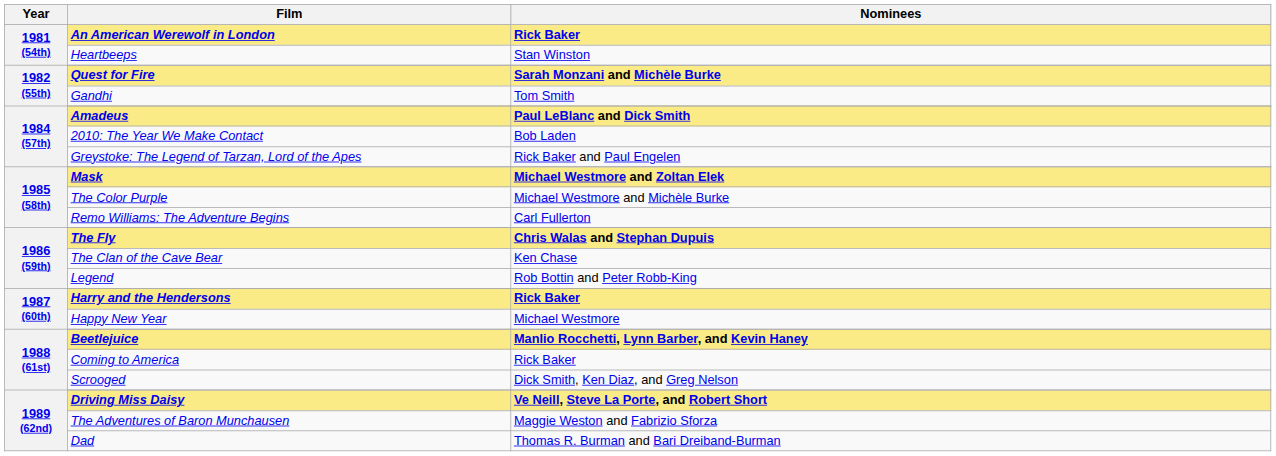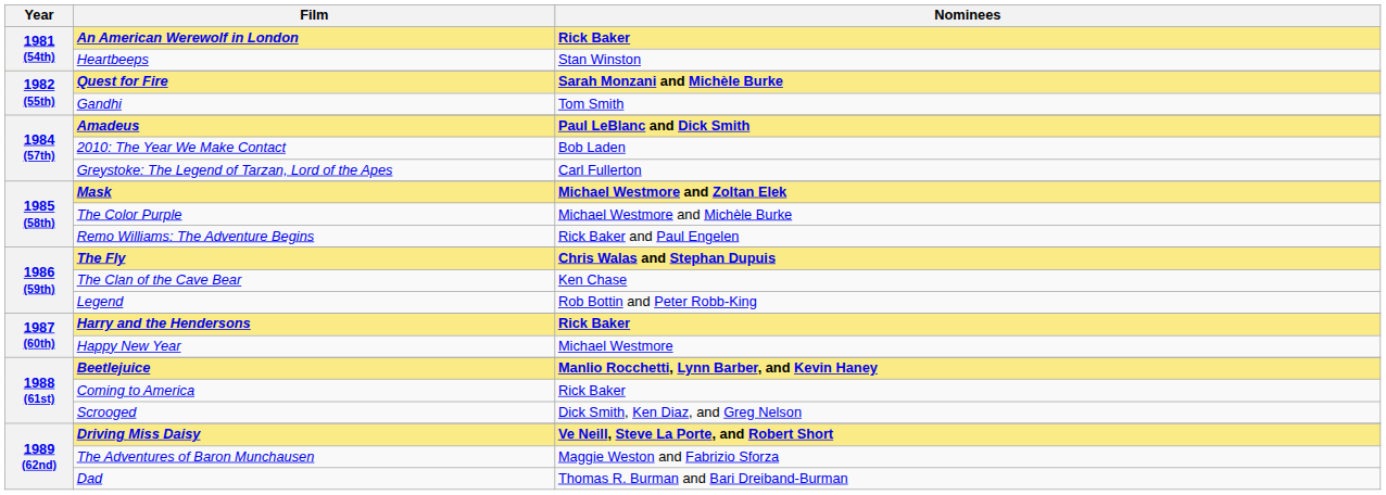 <table class="wikitable" style="width:100%">
 <tr bgcolor="#bebebe">
 <th width="5%">Year</th>
 <th width="35%">Film</th>
 <th width="60%">Nominees</th>
 </tr>
 <tr style="background:#FAEB86">
 <th rowspan="2"><a href='#'>1981</a><br><small><a href='#'>(54th)</a></small></th>
 <td><strong><em><a href='#'>An American Werewolf in London</a></em></strong></td>
 <td><strong><a href='#'>Rick Baker</a></strong></td>
 </tr>
 <tr>
 <td><em><a href='#'>Heartbeeps</a></em></td>
 <td><a href='#'>Stan Winston</a></td>
 </tr>
 <tr>
 <th rowspan="3" style="text-align:center"><a href='#'>1982</a><br><small><a href='#'>(55th)</a></small></th>
 </tr>
 <tr style="background:#FAEB86">
 <td><strong><em><a href='#'>Quest for Fire</a></em></strong></td>
 <td><strong><a href='#'>Sarah Monzani</a> and <a href='#'>Michèle Burke</a></strong></td>
 </tr>
 <tr>
 <td><em><a href='#'>Gandhi</a></em></td>
 <td><a href='#'>Tom Smith</a></td>
 </tr>
 <tr>
 <th rowspan="4" style="text-align:center"><a href='#'>1984</a><br><small><a href='#'>(57th)</a></small></th>
 </tr>
 <tr style="background:#FAEB86">
 <td><strong><em><a href='#'>Amadeus</a></em></strong></td>
 <td><strong><a href='#'>Paul LeBlanc</a> and <a href='#'>Dick Smith</a></strong></td>
 </tr>
 <tr>
 <td><em><a href='#'>2010: The Year We Make Contact</a></em></td>
 <td><a href='#'>Bob Laden</a></td>
 </tr>
 <tr>
 <td><em><a href='#'>Greystoke: The Legend of Tarzan, Lord of the Apes</a></em></td>
-<td><a href='#'>Rick Baker</a> and <a href='#'>Paul Engelen</a></td>
+<td><a href='#'>Carl Fullerton</a></td>
 </tr>
 <tr>
 <th rowspan="4" style="text-align:center"><a href='#'>1985</a><br><small><a href='#'>(58th)</a></small></th>
 </tr>
 <tr style="background:#FAEB86">
 <td><strong><em><a href='#'>Mask</a></em></strong></td>
 <td><strong><a href='#'>Michael Westmore</a> and <a href='#'>Zoltan Elek</a></strong></td>
 </tr>
 <tr>
 <td><em><a href='#'>The Color Purple</a></em></td>
 <td><a href='#'>Michael Westmore</a> and <a href='#'>Michèle Burke</a></td>
 </tr>
 <tr>
 <td><em><a href='#'>Remo Williams: The Adventure Begins</a></em></td>
-<td><a href='#'>Carl Fullerton</a></td>
+<td><a href='#'>Rick Baker</a> and <a href='#'>Paul Engelen</a></td>
 </tr>
 <tr>
 <th rowspan="4" style="text-align:center"><a href='#'>1986</a><br><small><a href='#'>(59th)</a></small></th>
 </tr>
 <tr style="background:#FAEB86">
 <td><strong><em><a href='#'>The Fly</a></em></strong></td>
 <td><strong><a href='#'>Chris Walas</a> and <a href='#'>Stephan Dupuis</a></strong></td>
 </tr>
 <tr>
 <td><em><a href='#'>The Clan of the Cave Bear</a></em></td>
 <td><a href='#'>Ken Chase</a></td>
 </tr>
 <tr>
 <td><em><a href='#'>Legend</a></em></td>
 <td><a href='#'>Rob Bottin</a> and <a href='#'>Peter Robb-King</a></td>
 </tr>
 <tr>
 <th rowspan="3" style="text-align:center"><a href='#'>1987</a><br><small><a href='#'>(60th)</a></small></th>
 </tr>
 <tr style="background:#FAEB86">
 <td><strong><em><a href='#'>Harry and the Hendersons</a></em></strong></td>
 <td><strong><a href='#'>Rick Baker</a></strong></td>
 </tr>
 <tr>
 <td><em><a href='#'>Happy New Year</a></em></td>
 <td><a href='#'>Michael Westmore</a></td>
 </tr>
 <tr>
 <th rowspan="4" style="text-align:center"><a href='#'>1988</a><br><small><a href='#'>(61st)</a></small></th>
 </tr>
 <tr style="background:#FAEB86">
 <td><strong><em><a href='#'>Beetlejuice</a></em></strong></td>
 <td><strong><a href='#'>Manlio Rocchetti</a>, <a href='#'>Lynn Barber</a>, and <a href='#'>Kevin Haney</a></strong></td>
 </tr>
 <tr>
 <td><em><a href='#'>Coming to America</a></em></td>
 <td><a href='#'>Rick Baker</a></td>
 </tr>
 <tr>
 <td><em><a href='#'>Scrooged</a></em></td>
 <td><a href='#'>Dick Smith</a>, <a href='#'>Ken Diaz</a>, and <a href='#'>Greg Nelson</a></td>
 </tr>
 <tr>
 <th rowspan="4" style="text-align:center"><a href='#'>1989</a><br><small><a href='#'>(62nd)</a></small></th>
 </tr>
 <tr style="background:#FAEB86">
 <td><strong><em><a href='#'>Driving Miss Daisy</a></em></strong></td>
 <td><strong><a href='#'>Ve Neill</a>, <a href='#'>Steve La Porte</a>, and <a href='#'>Robert Short</a></strong></td>
 </tr>
 <tr>
 <td><em><a href='#'>The Adventures of Baron Munchausen</a></em></td>
 <td><a href='#'>Maggie Weston</a> and <a href='#'>Fabrizio Sforza</a></td>
 </tr>
 <tr>
 <td><em><a href='#'>Dad</a></em></td>
 <td><a href='#'>Thomas R. Burman</a> and <a href='#'>Bari Dreiband-Burman</a></td>
 </tr>
 </table>
